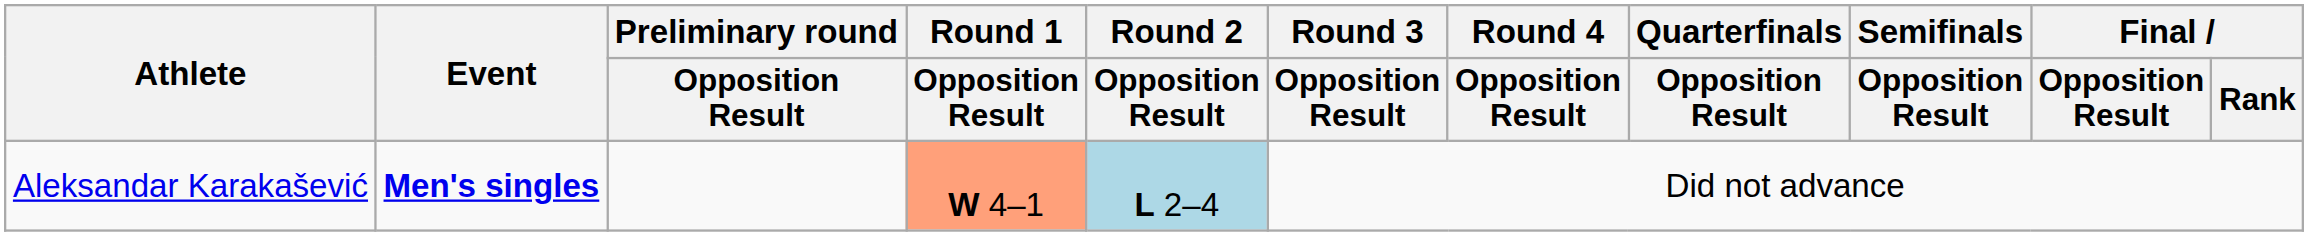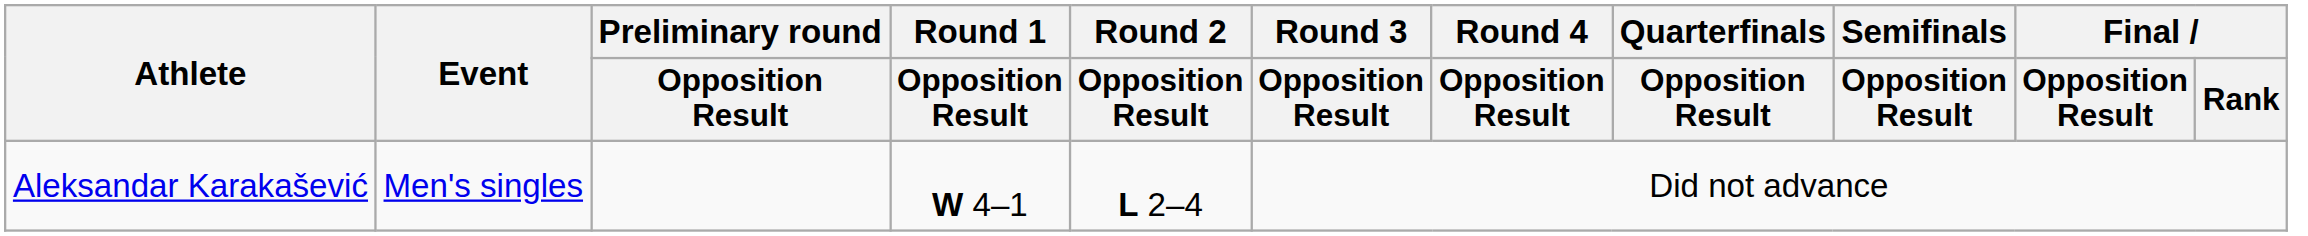 <table class="wikitable" style="font-size:90%">
 <tr>
 <th rowspan="2">Athlete</th>
 <th rowspan="2">Event</th>
 <th>Preliminary round</th>
 <th>Round 1</th>
 <th>Round 2</th>
 <th>Round 3</th>
 <th>Round 4</th>
 <th>Quarterfinals</th>
 <th>Semifinals</th>
 <th colspan=2>Final / </th>
 </tr>
 <tr style="font-size:95%">
 <th>Opposition<br>Result</th>
 <th>Opposition<br>Result</th>
 <th>Opposition<br>Result</th>
 <th>Opposition<br>Result</th>
 <th>Opposition<br>Result</th>
 <th>Opposition<br>Result</th>
 <th>Opposition<br>Result</th>
 <th>Opposition<br>Result</th>
 <th>Rank</th>
 </tr>
 <tr align=center>
 <td align=left><a href='#'>Aleksandar Karakašević</a></td>
-<td align=left><strong><a href='#'>Men's singles</a></strong></td>
+<td align=left><a href='#'>Men's singles</a></td>
 <td></td>
-<td style="background: lightsalmon;"><br><strong>W</strong> 4–1</td>
-<td style="background: lightblue;"><br><strong>L</strong> 2–4</td>
+<td><br><strong>W</strong> 4–1</td>
+<td><br><strong>L</strong> 2–4</td>
 <td colspan=6>Did not advance</td>
 </tr>
 </table>
